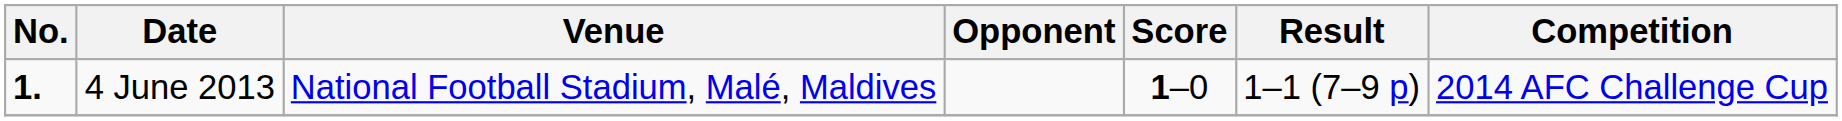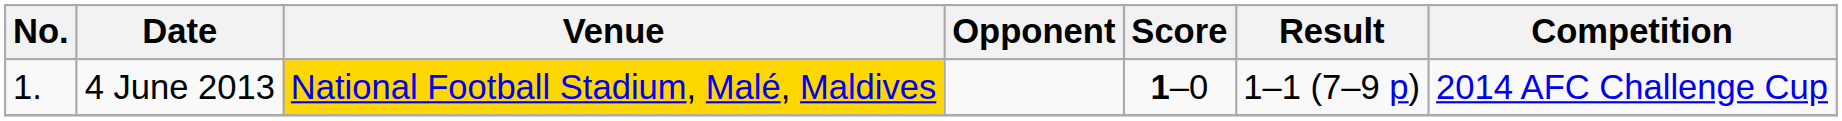 <table class="wikitable">
 <tr>
 <th>No.</th>
 <th>Date</th>
 <th>Venue</th>
 <th>Opponent</th>
 <th>Score</th>
 <th>Result</th>
 <th>Competition</th>
 </tr>
 <tr>
-<td><strong>1.</strong></td>
+<td>1.</td>
 <td>4 June 2013</td>
-<td><a href='#'>National Football Stadium</a>, <a href='#'>Malé</a>, <a href='#'>Maldives</a></td>
+<td style="background: gold;"><a href='#'>National Football Stadium</a>, <a href='#'>Malé</a>, <a href='#'>Maldives</a></td>
 <td></td>
 <td align=center><strong>1</strong>–0</td>
 <td align=center>1–1  (7–9 <a href='#'>p</a>)</td>
 <td><a href='#'>2014 AFC Challenge Cup</a></td>
 </tr>
 <tr>
 </tr>
 </table>
